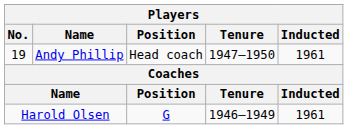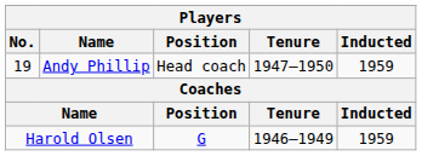 <table class="wikitable" style="text-align:center">
 <tr>
 </tr>
 <tr>
 <th colspan="5">Players</th>
 </tr>
 <tr>
 <th>No.</th>
 <th>Name</th>
 <th>Position</th>
 <th>Tenure</th>
 <th>Inducted</th>
 </tr>
 <tr>
 <td>19</td>
 <td><a href='#'>Andy Phillip</a></td>
 <td>Head coach</td>
 <td>1947–1950</td>
-<td>1961</td>
+<td>1959</td>
 </tr>
 <tr>
 <th colspan="5">Coaches</th>
 </tr>
 <tr>
 <th colspan=2>Name</th>
 <th>Position</th>
 <th>Tenure</th>
 <th>Inducted</th>
 </tr>
 <tr>
 <td colspan=2><a href='#'>Harold Olsen</a></td>
 <td><a href='#'>G</a></td>
 <td>1946–1949</td>
-<td>1961</td>
+<td>1959</td>
 </tr>
 </table>
